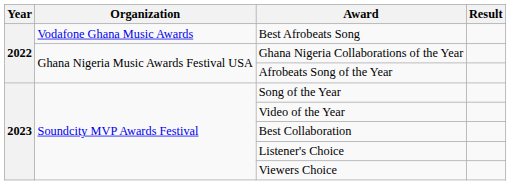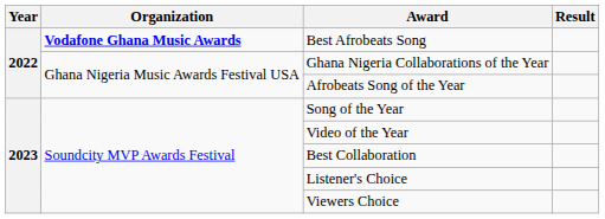 <table class="wikitable plainrowheaders">
 <tr>
 <th scope="col">Year</th>
 <th scope="col">Organization</th>
 <th scope="col">Award</th>
 <th scope="col">Result</th>
 </tr>
 <tr>
 <th scope="row" rowspan="3">2022</th>
-<td><a href='#'>Vodafone Ghana Music Awards</a></td>
+<td><strong><a href='#'>Vodafone Ghana Music Awards</a></strong></td>
 <td>Best Afrobeats Song</td>
 <td></td>
 </tr>
 <tr>
 <td rowspan="2">Ghana Nigeria Music Awards Festival USA</td>
 <td>Ghana Nigeria Collaborations of the Year</td>
 <td></td>
 </tr>
 <tr>
 <td>Afrobeats Song of the Year</td>
 <td></td>
 </tr>
 <tr>
 <th rowspan="5" scope="row">2023</th>
 <td rowspan="5"><a href='#'>Soundcity MVP Awards Festival</a></td>
 <td>Song of the Year</td>
 <td></td>
 </tr>
 <tr>
 <td>Video of the Year</td>
 <td></td>
 </tr>
 <tr>
 <td>Best Collaboration</td>
 <td></td>
 </tr>
 <tr>
 <td>Listener's Choice</td>
 <td></td>
 </tr>
 <tr>
 <td>Viewers Choice</td>
 <td></td>
 </tr>
 </table>
